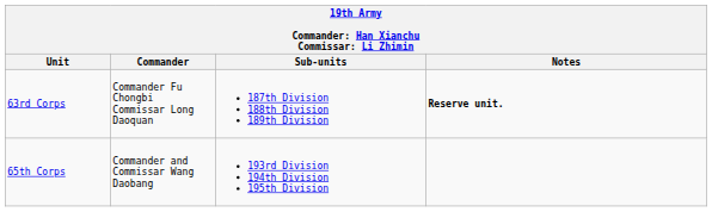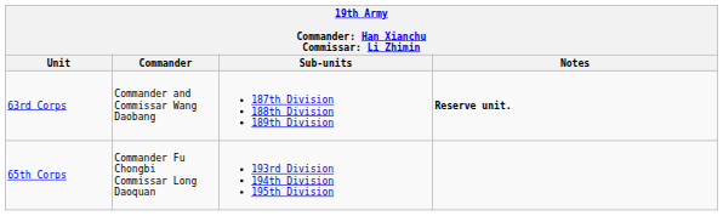 <table class="wikitable" style="width: 75%">
 <tr>
 <th colspan="4" align= center> <a href='#'>19th Army</a><br><br>Commander: <a href='#'>Han Xianchu</a><br> Commissar: <a href='#'>Li Zhimin</a></th>
 </tr>
 <tr>
 <th width=15%; align= center>Unit</th>
 <th width=15%; align= center>Commander</th>
 <th width=30%; align= center>Sub-units</th>
 <th width=40%; align= center>Notes</th>
 </tr>
 <tr>
 <td><a href='#'>63rd Corps</a></td>
-<td>Commander Fu Chongbi<br>Commissar Long Daoquan</td>
+<td>Commander and Commissar Wang Daobang</td>
 <td><br><ul><li><a href='#'>187th Division</a></li><li><a href='#'>188th Division</a></li><li><a href='#'>189th Division</a></li></ul></td>
 <td><strong>Reserve unit.</strong></td>
 </tr>
 <tr>
 <td><a href='#'>65th Corps</a></td>
-<td>Commander and Commissar Wang Daobang</td>
+<td>Commander Fu Chongbi<br>Commissar Long Daoquan</td>
 <td><br><ul><li><a href='#'>193rd Division</a></li><li><a href='#'>194th Division</a></li><li><a href='#'>195th Division</a></li></ul></td>
 <td></td>
 </tr>
 </table>
